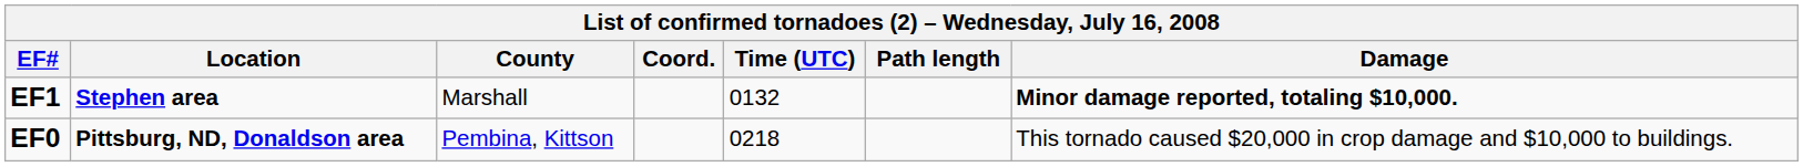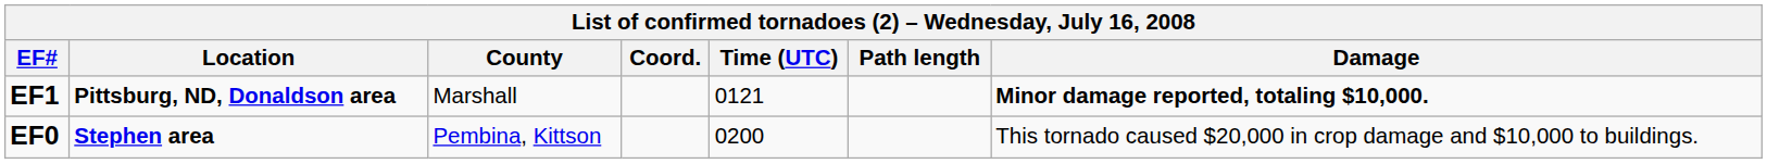 <table class="wikitable collapsible" width="100%">
 <tr>
 <th colspan="7">List of confirmed tornadoes (2) – Wednesday, July 16, 2008</th>
 </tr>
 <tr>
 <th><a href='#'>EF#</a></th>
 <th>Location</th>
 <th>County</th>
 <th>Coord.</th>
 <th>Time (<a href='#'>UTC</a>)</th>
 <th>Path length</th>
 <th>Damage</th>
 </tr>
 <tr>
 <td><big><strong>EF1</strong></big></td>
-<td><strong><a href='#'>Stephen</a> area</strong></td>
+<td><strong>Pittsburg, ND, <a href='#'>Donaldson</a> area</strong></td>
 <td>Marshall</td>
 <td></td>
-<td>0132</td>
+<td>0121</td>
 <td></td>
 <td><strong>Minor damage reported, totaling $10,000.</strong></td>
 </tr>
 <tr>
 <td><big><strong>EF0</strong></big></td>
-<td><strong>Pittsburg, ND, <a href='#'>Donaldson</a> area</strong></td>
+<td><strong><a href='#'>Stephen</a> area</strong></td>
 <td><a href='#'>Pembina</a>, <a href='#'>Kittson</a></td>
 <td></td>
-<td>0218</td>
+<td>0200</td>
 <td></td>
 <td>This tornado caused $20,000 in crop damage and $10,000 to buildings.</td>
 </tr>
 </table>
